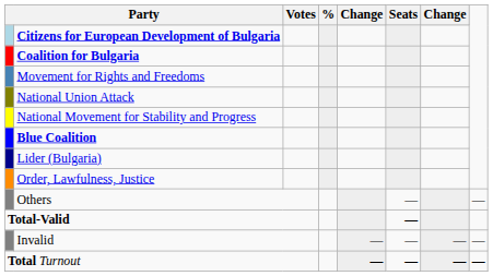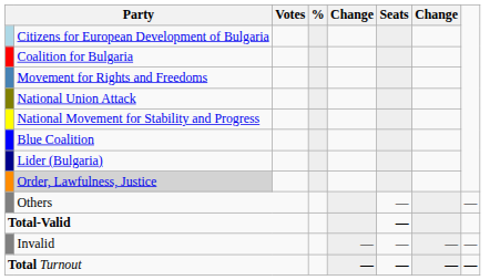 <table class="wikitable" border="1">
 <tr style="background-color:#C9C9C9">
 <th align=left colspan=2 valign=top>Party</th>
 <th align=right>Votes</th>
 <th align=right>%</th>
 <th align=right>Change</th>
 <th align=right>Seats</th>
 <th align=right>Change</th>
 </tr>
 <tr>
 <td bgcolor="lightblue"> </td>
-<td align=left><strong><a href='#'>Citizens for European Development of Bulgaria</a></strong></td>
+<td align=left><a href='#'>Citizens for European Development of Bulgaria</a></td>
 <td align=right></td>
 <td align=right style="background-color:#EEEEEE"></td>
 <td align=right></td>
 <td align=right style="background-color:#EEEEEE"></td>
 <td align=right></td>
 </tr>
 <tr>
 <td bgcolor="red"> </td>
-<td align=left><strong><a href='#'>Coalition for Bulgaria</a></strong></td>
+<td align=left><a href='#'>Coalition for Bulgaria</a></td>
 <td align=right></td>
 <td align=right style="background-color:#EEEEEE"></td>
 <td align=right></td>
 <td align=right style="background-color:#EEEEEE"></td>
 <td align=right></td>
 </tr>
 <tr>
 <td bgcolor="#4682B4"> </td>
 <td align=left><a href='#'>Movement for Rights and Freedoms</a></td>
 <td align=right></td>
 <td align=right style="background-color:#EEEEEE"></td>
 <td align=right></td>
 <td align=right style="background-color:#EEEEEE"></td>
 <td align=right></td>
 </tr>
 <tr>
 <td bgcolor="#808000"> </td>
 <td align=left><a href='#'>National Union Attack</a></td>
 <td align=right></td>
 <td align=right style="background-color:#EEEEEE"></td>
 <td align=right></td>
 <td align=right style="background-color:#EEEEEE"></td>
 <td align=right></td>
 </tr>
 <tr>
 <td bgcolor="yellow"> </td>
 <td align=left><a href='#'>National Movement for Stability and Progress</a></td>
 <td align=right></td>
 <td align=right style="background-color:#EEEEEE"></td>
 <td align=right></td>
 <td align=right style="background-color:#EEEEEE"></td>
 <td align=right></td>
 </tr>
 <tr>
 <td bgcolor="blue"> </td>
-<td align=left><strong><a href='#'>Blue Coalition</a></strong></td>
+<td align=left><a href='#'>Blue Coalition</a></td>
 <td align=right></td>
 <td align=right style="background-color:#EEEEEE"></td>
 <td align=right></td>
 <td align=right style="background-color:#EEEEEE"></td>
 <td align=right></td>
 </tr>
 <tr>
 <td bgcolor="darkblue"> </td>
 <td align=left><a href='#'>Lider (Bulgaria)</a></td>
 <td align=right></td>
 <td align=right style="background-color:#EEEEEE"></td>
 <td align=right></td>
 <td align=right style="background-color:#EEEEEE"></td>
 <td align=right></td>
 </tr>
 <tr>
 <td bgcolor="darkorange"> </td>
-<td align=left><a href='#'>Order, Lawfulness, Justice</a></td>
+<td align=left style="background: lightgrey;"><a href='#'>Order, Lawfulness, Justice</a></td>
 <td align=right></td>
 <td align=right style="background-color:#EEEEEE"></td>
 <td align=right></td>
 <td align=right style="background-color:#EEEEEE"></td>
 <td align=right></td>
 </tr>
 <tr>
 <td bgcolor="grey"> </td>
 <td align=left colspan=2>Others</td>
 <td align=right></td>
 <td align=right style="background-color:#EEEEEE"></td>
 <td align=right>—</td>
 <td align=right style="background-color:#EEEEEE"></td>
 <td align=right>—</td>
 </tr>
 <tr>
 <td align=left colspan=3><strong>Total-Valid</strong></td>
 <td align=right></td>
 <td align=right style="background-color:#EEEEEE"></td>
 <td align=right><strong>—</strong></td>
 <td align=right style="background-color:#EEEEEE"></td>
 <td align=right></td>
 </tr>
 <tr>
 <td bgcolor="grey"></td>
 <td align=left colspan=2>Invalid</td>
 <td align=right></td>
 <td align=right style="background-color:#EEEEEE">—</td>
 <td align=right>—</td>
 <td align=right style="background-color:#EEEEEE">—</td>
 <td align=right>—</td>
 </tr>
 <tr>
 <td align=left colspan=3><strong>Total</strong>      <em> Turnout</em></td>
 <td align=right></td>
 <td align=right style="background-color:#EEEEEE"><strong>—</strong></td>
 <td align=right><strong>—</strong></td>
 <td align=right style="background-color:#EEEEEE"><strong>—</strong></td>
 <td align=right><strong>—</strong></td>
 </tr>
 </table>
